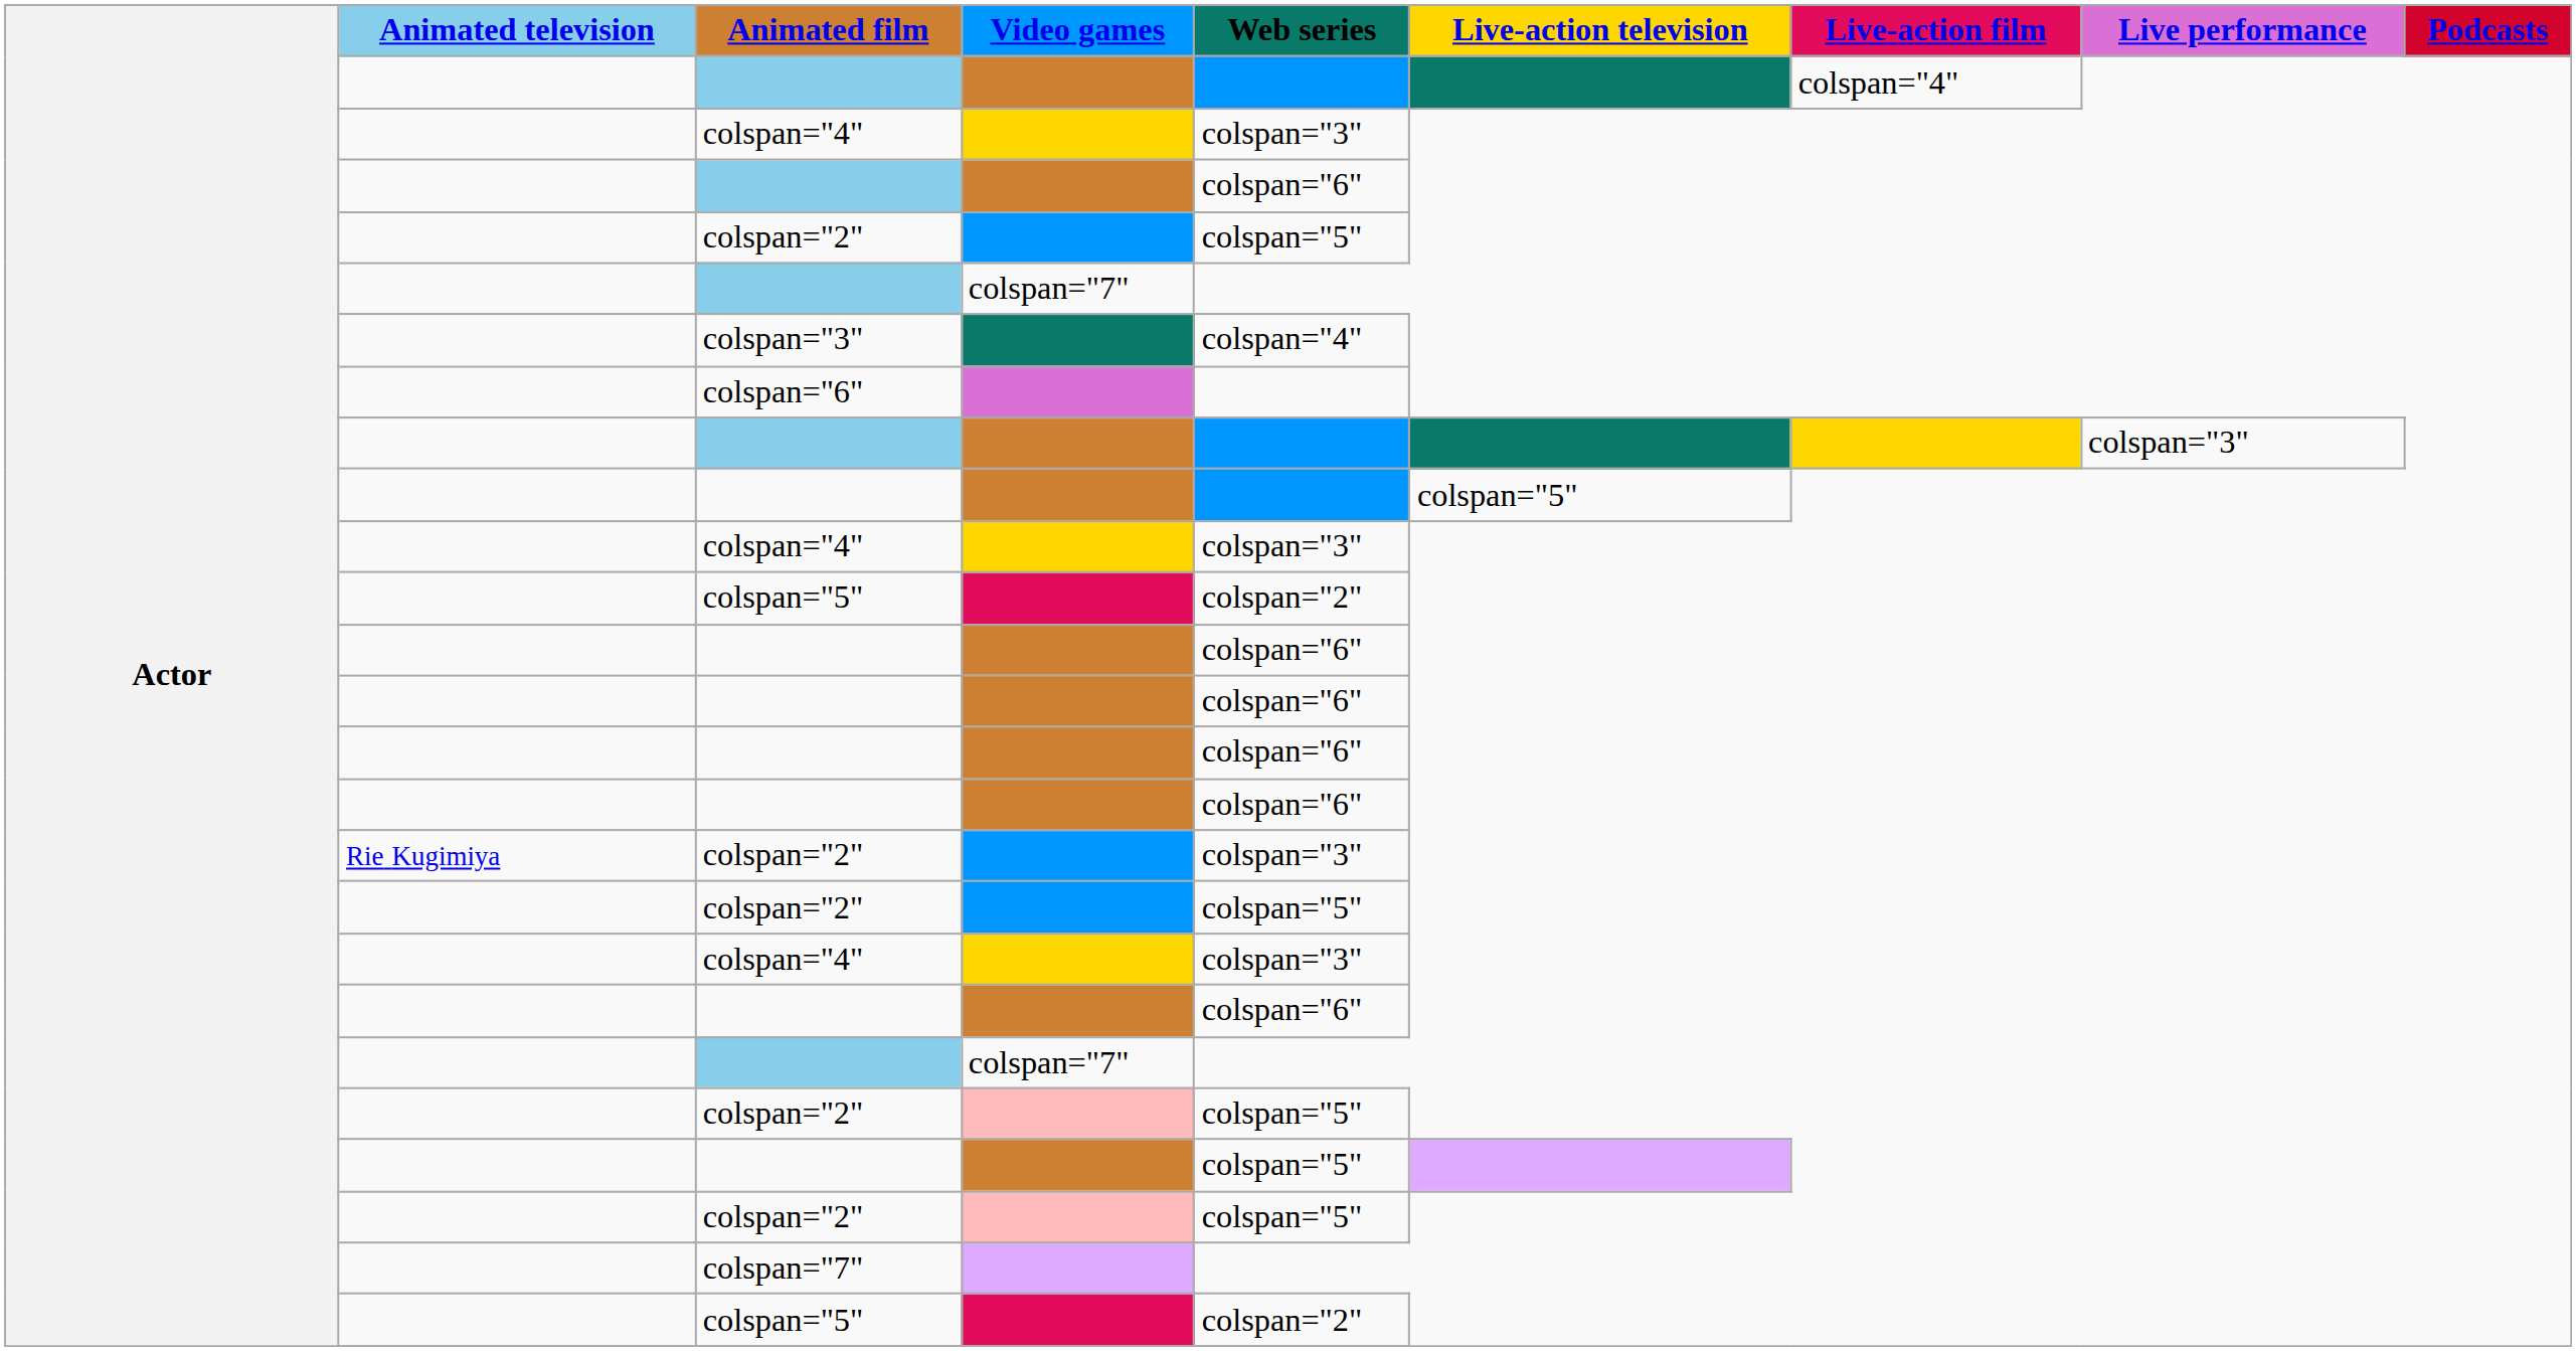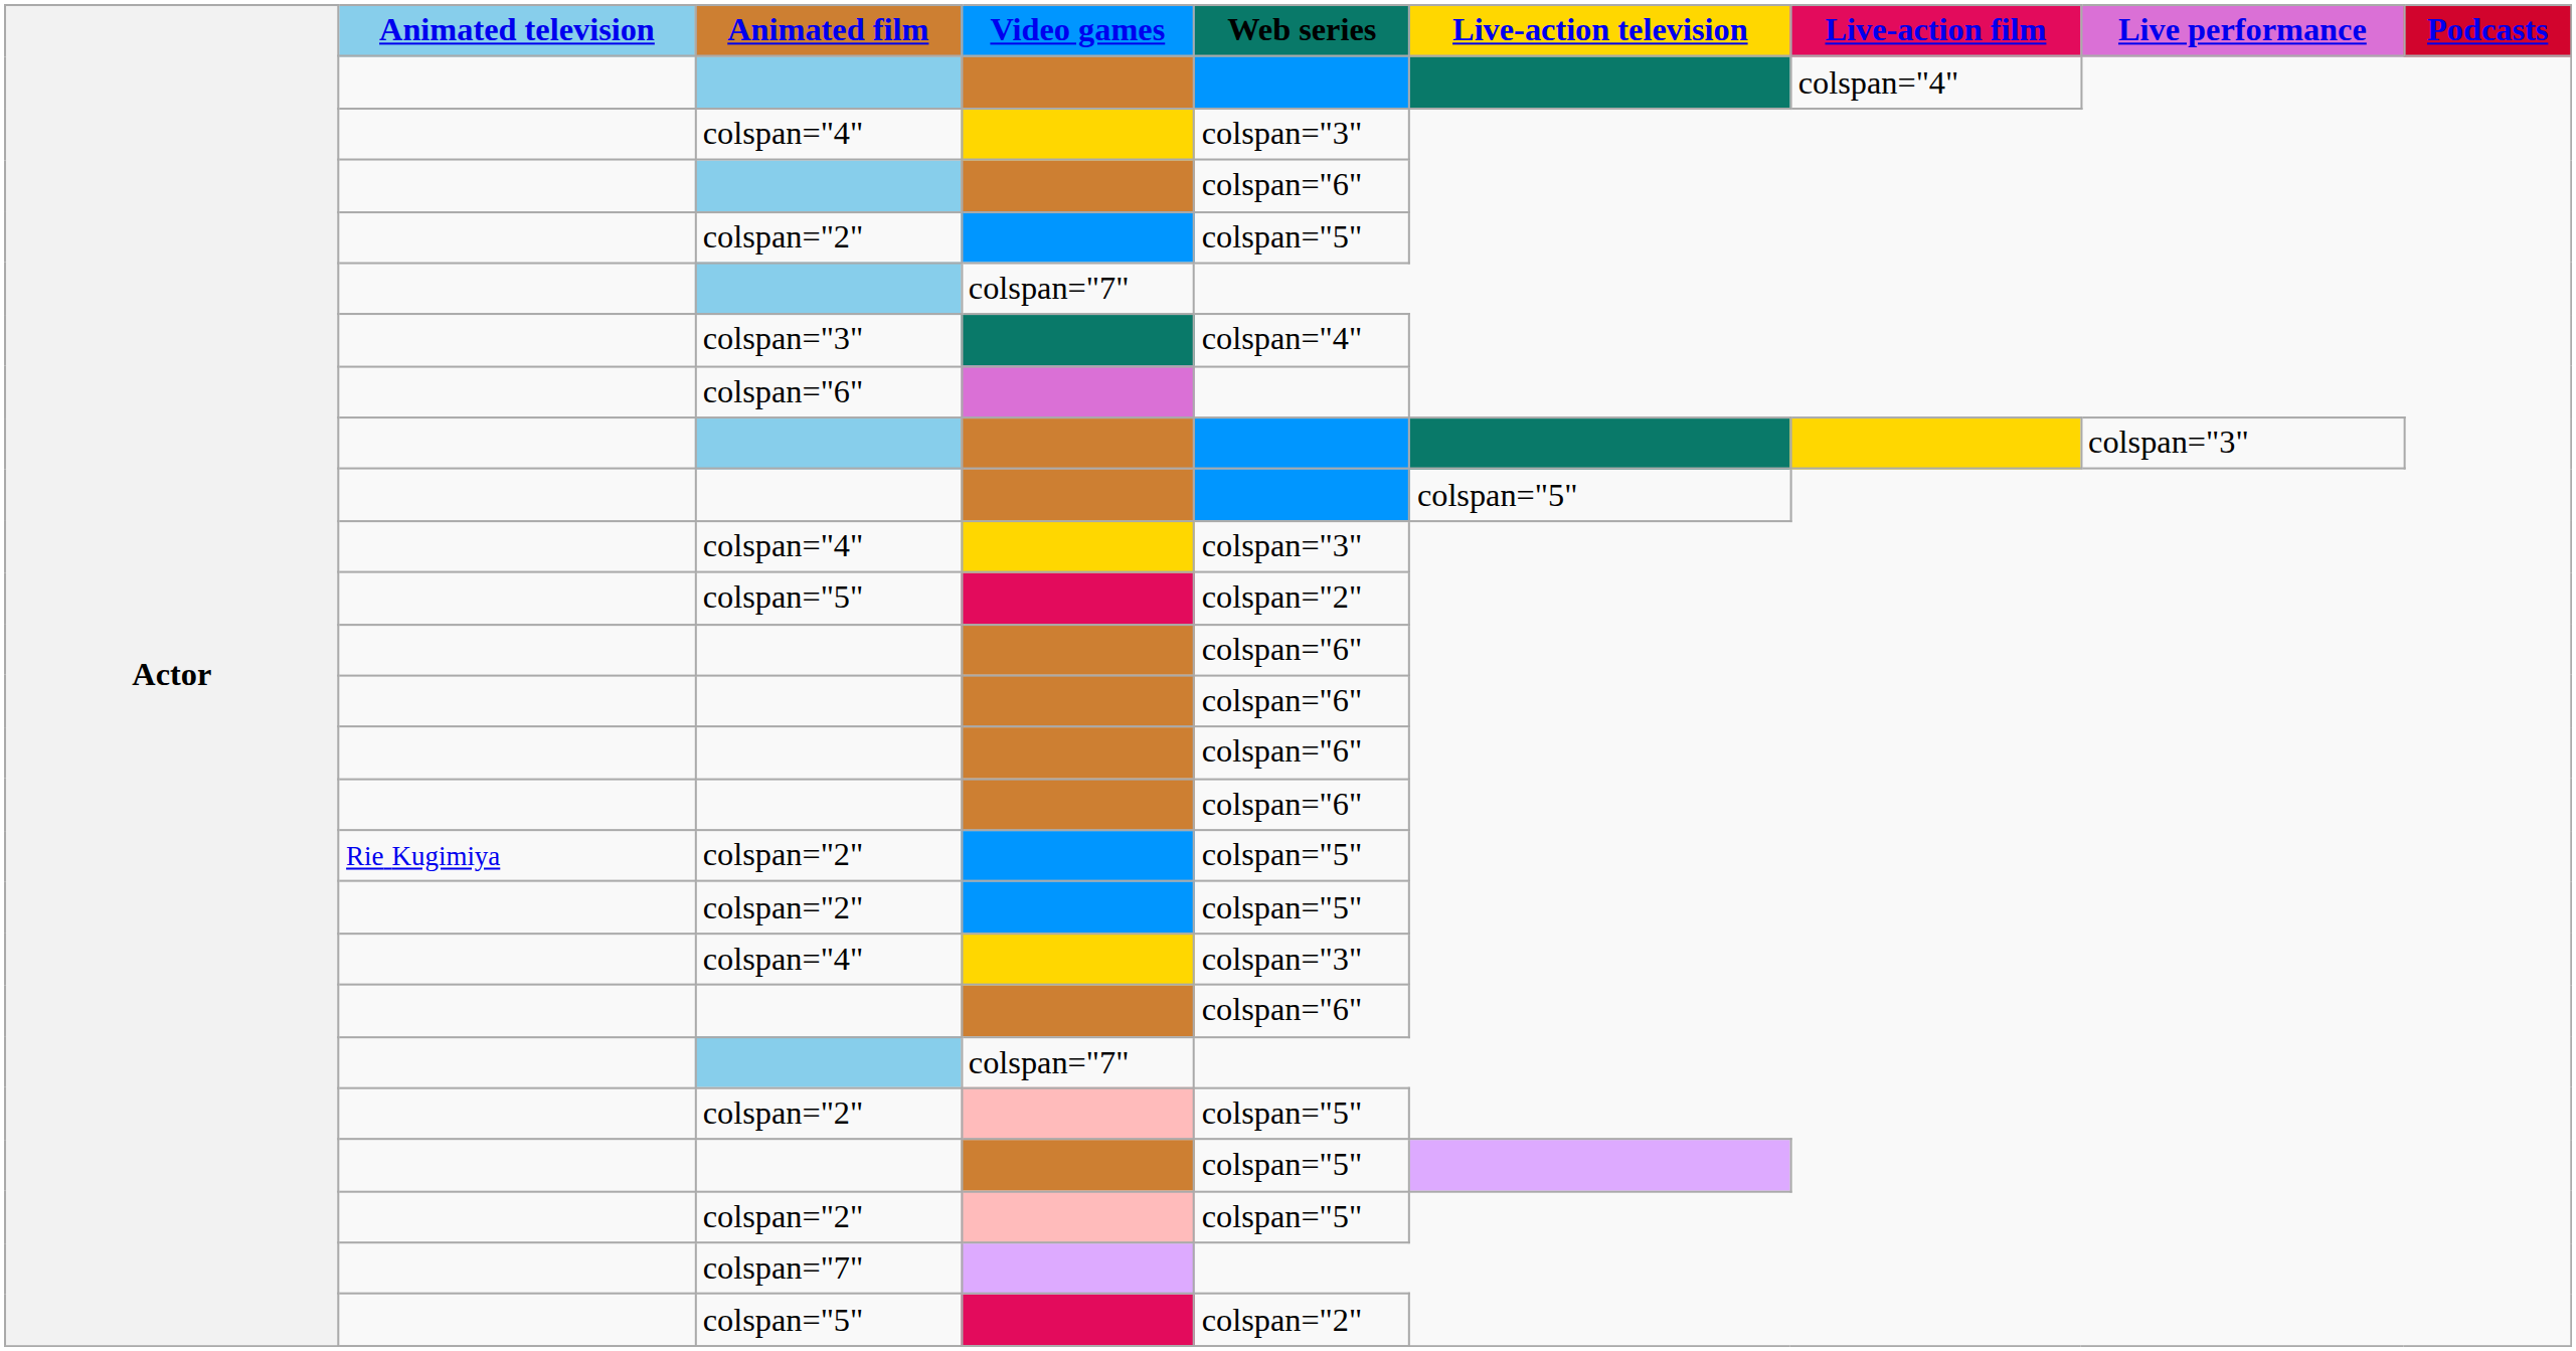 <table class="wikitable sortable" width="100%">
 <tr>
 <th rowspan="30" width="13%" scope="col">Actor</th>
 <th style="background:#87CEEB;"><a href='#'>Animated television</a></th>
 <th style="background:#CD7F32;"><a href='#'>Animated film</a></th>
 <th style="background:#0096FF;"><a href='#'>Video games</a></th>
 <th style="background:#097969;">Web series</th>
 <th style="background:#FFD700;"><a href='#'>Live-action television</a></th>
 <th style="background:#E30B5C;"><a href='#'>Live-action film</a></th>
 <th style="background:#DA70D6;"><a href='#'>Live performance</a></th>
 <th style="background:#D2042D;"><a href='#'>Podcasts</a></th>
 </tr>
 <tr>
 <td data-sort-value="Sorkin, Arleen"></td>
 <td style="background:#87CEEB;"></td>
 <td style="background:#CD7F32;"></td>
 <td style="background:#0096FF;"></td>
 <td style="background:#097969;"></td>
 <td>colspan="4" </td>
 </tr>
 <tr>
 <td data-sort-value="Sara, Mia"></td>
 <td>colspan="4" </td>
 <td style="background:#FFD700;"></td>
 <td>colspan="3" </td>
 </tr>
 <tr>
 <td data-sort-value="Walch, Hynden"></td>
 <td style="background:#87CEEB;"></td>
 <td style="background:#CD7F32;"></td>
 <td>colspan="6" </td>
 </tr>
 <tr>
 <td data-sort-value="DeLisle, Grey"></td>
 <td>colspan="2" </td>
 <td style="background:#0096FF;"></td>
 <td>colspan="5" </td>
 </tr>
 <tr>
 <td data-sort-value="Strange, Meghan"></td>
 <td style="background:#87CEEB;"></td>
 <td>colspan="7" </td>
 </tr>
 <tr>
 <td data-sort-value="Jaud, Janyse"></td>
 <td>colspan="3" </td>
 <td style="background:#097969;"></td>
 <td>colspan="4" </td>
 </tr>
 <tr>
 <td data-sort-value="Tierney, Poppy"></td>
 <td>colspan="6" </td>
 <td style="background:#DA70D6;"></td>
 <td></td>
 </tr>
 <tr>
 <td data-sort-value="Strong, Tara"></td>
 <td style="background:#87CEEB;"></td>
 <td style="background:#CD7F32;"></td>
 <td style="background:#0096FF;"></td>
 <td style="background:#097969;"></td>
 <td style="background:#FFD700;"></td>
 <td>colspan="3" </td>
 </tr>
 <tr>
 <td data-sort-value="Bailey, Laura"></td>
 <td></td>
 <td style="background:#CD7F32;"></td>
 <td style="background:#0096FF;"></td>
 <td>colspan="5" </td>
 </tr>
 <tr>
 <td data-sort-value="Alex, Cassidy"></td>
 <td>colspan="4" </td>
 <td style="background:#FFD700;"></td>
 <td>colspan="3" </td>
 </tr>
 <tr>
 <td data-sort-value="Robbie, Margot"></td>
 <td>colspan="5" </td>
 <td style="background:#E30B5C;"></td>
 <td>colspan="2" </td>
 </tr>
 <tr>
 <td data-sort-value="Rauch, Melissa"></td>
 <td></td>
 <td style="background:#CD7F32;"></td>
 <td>colspan="6" </td>
 </tr>
 <tr>
 <td data-sort-value="Irwin, Sirena"></td>
 <td></td>
 <td style="background:#CD7F32;"></td>
 <td>colspan="6" </td>
 </tr>
 <tr>
 <td data-sort-value="Kang, Ji young"></td>
 <td></td>
 <td style="background:#CD7F32;"></td>
 <td>colspan="6" </td>
 </tr>
 <tr>
 <td data-sort-value="Slate, Jenny"></td>
 <td></td>
 <td style="background:#CD7F32;"></td>
 <td>colspan="6" </td>
 </tr>
 <tr>
 <td data-sort-value="Kugimiya, Rie"><a href='#'><small>Rie</small> <small>Kugimiya</small></a></td>
 <td>colspan="2" </td>
 <td style="background:#0096FF;"></td>
-<td>colspan="3" </td>
+<td>colspan="5" </td>
 </tr>
 <tr>
 <td data-sort-value="Post, Laura"></td>
 <td>colspan="2" </td>
 <td style="background:#0096FF;"></td>
 <td>colspan="5" </td>
 </tr>
 <tr>
 <td data-sort-value="Root Dodson, Francesca"></td>
 <td>colspan="4" </td>
 <td style="background:#FFD700;"></td>
 <td>colspan="3" </td>
 </tr>
 <tr>
 <td data-sort-value="Rubin, Margot"></td>
 <td></td>
 <td style="background:#CD7F32;"></td>
 <td>colspan="6" </td>
 </tr>
 <tr>
 <td data-sort-value="Cuoco, Kaley"></td>
 <td style="background:#87CEEB;"></td>
 <td>colspan="7" </td>
 </tr>
 <tr>
 <td data-sort-value="Buckland, Kira"></td>
 <td>colspan="2" </td>
 <td style="background:#fbb;"></td>
 <td>colspan="5" </td>
 </tr>
 <tr>
 <td data-sort-value="Jacobs, Gillian"></td>
 <td></td>
 <td style="background:#CD7F32;"></td>
 <td>colspan="5" </td>
 <td style="background:#daf;"></td>
 </tr>
 <tr>
 <td data-sort-value="Wahlgren, Kari"></td>
 <td>colspan="2" </td>
 <td style="background:#fbb;"></td>
 <td>colspan="5" </td>
 </tr>
 <tr>
 <td data-sort-value="Ricci, Christina"></td>
 <td>colspan="7" </td>
 <td style="background:#daf;"></td>
 </tr>
 <tr>
 <td data-sort-value="Lady Gaga"></td>
 <td>colspan="5" </td>
 <td style="background:#E30B5C;"></td>
 <td>colspan="2" </td>
 </tr>
 <tr>
 </tr>
 </table>
